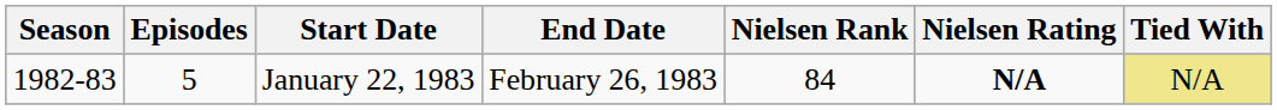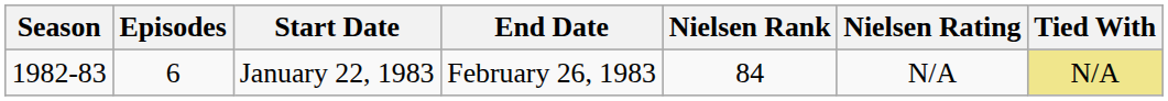 <table class="wikitable" style="text-align: center">
 <tr>
 <th>Season</th>
 <th>Episodes</th>
 <th>Start Date</th>
 <th>End Date</th>
 <th>Nielsen Rank</th>
 <th>Nielsen Rating</th>
 <th>Tied With</th>
 </tr>
 <tr>
 <td style="text-align:center">1982-83</td>
-<td style="text-align:center">5</td>
+<td style="text-align:center">6</td>
 <td style="text-align:center">January 22, 1983</td>
 <td style="text-align:center">February 26, 1983</td>
 <td style="text-align:center:">84</td>
-<td style="text-align:center"><strong>N/A</strong></td>
+<td style="text-align:center">N/A</td>
 <td style="background: khaki; text-align:center">N/A</td>
 </tr>
 </table>
